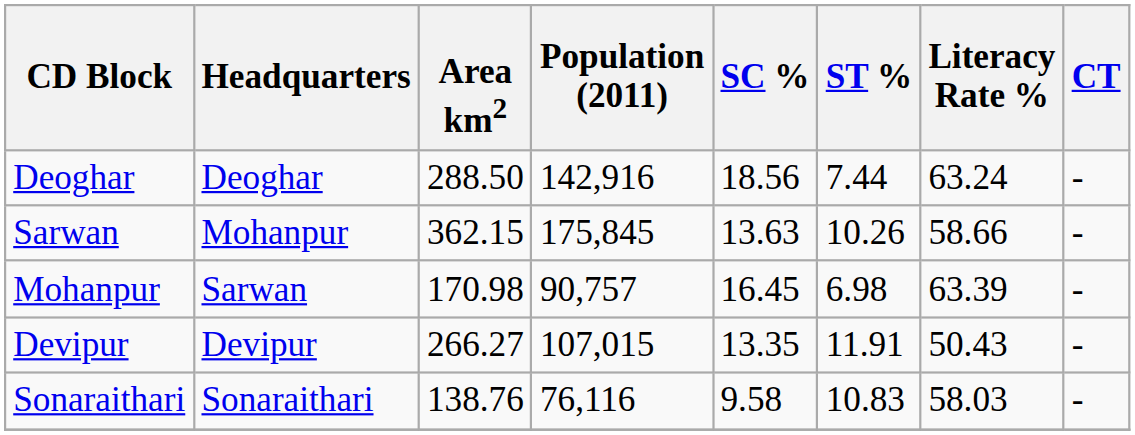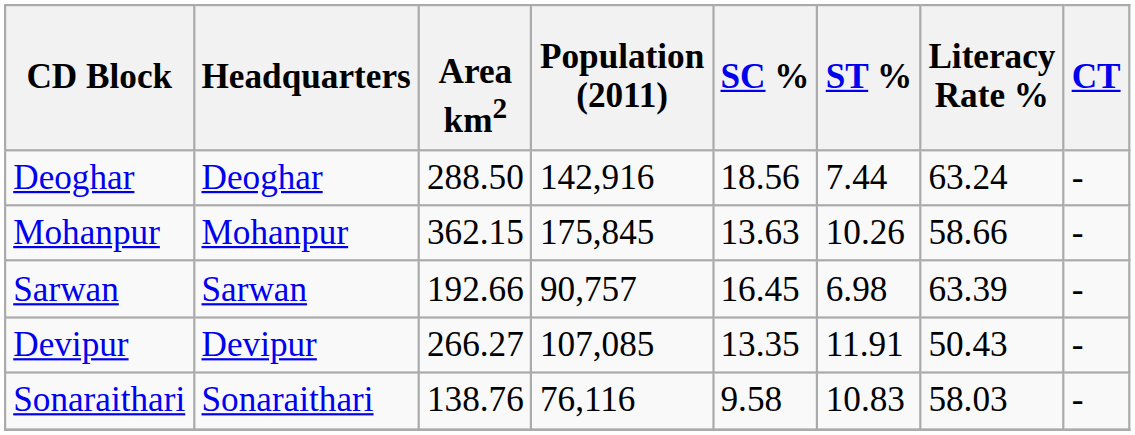 <table class="wikitable sortable">
 <tr>
 <th>CD Block</th>
 <th>Headquarters</th>
 <th><br>Area<br>km<sup>2</sup></th>
 <th>Population<br>(2011)</th>
 <th><a href='#'>SC</a> %</th>
 <th><a href='#'>ST</a> %</th>
 <th>Literacy<br> Rate %</th>
 <th><a href='#'>CT</a></th>
 </tr>
 <tr>
 <td><a href='#'>Deoghar</a></td>
 <td><a href='#'>Deoghar</a></td>
 <td>288.50</td>
 <td>142,916</td>
 <td>18.56</td>
 <td>7.44</td>
 <td>63.24</td>
 <td>-</td>
 </tr>
 <tr>
-<td><a href='#'>Sarwan</a></td>
+<td><a href='#'>Mohanpur</a></td>
 <td><a href='#'>Mohanpur</a></td>
 <td>362.15</td>
 <td>175,845</td>
 <td>13.63</td>
 <td>10.26</td>
 <td>58.66</td>
 <td>-</td>
 </tr>
 <tr>
-<td><a href='#'>Mohanpur</a></td>
 <td><a href='#'>Sarwan</a></td>
-<td>170.98</td>
+<td><a href='#'>Sarwan</a></td>
+<td>192.66</td>
 <td>90,757</td>
 <td>16.45</td>
 <td>6.98</td>
 <td>63.39</td>
 <td>-</td>
 </tr>
 <tr>
 <td><a href='#'>Devipur</a></td>
 <td><a href='#'>Devipur</a></td>
 <td>266.27</td>
-<td>107,015</td>
+<td>107,085</td>
 <td>13.35</td>
 <td>11.91</td>
 <td>50.43</td>
 <td>-</td>
 </tr>
 <tr>
 <td><a href='#'>Sonaraithari</a></td>
 <td><a href='#'>Sonaraithari</a></td>
 <td>138.76</td>
 <td>76,116</td>
 <td>9.58</td>
 <td>10.83</td>
 <td>58.03</td>
 <td>-</td>
 </tr>
 <tr>
 </tr>
 </table>
